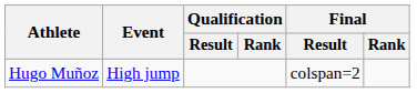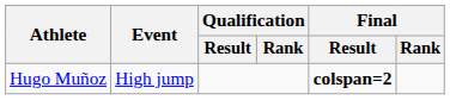 <table class=wikitable style=font-size:90%;text-align:center>
 <tr>
 <th rowspan=2>Athlete</th>
 <th rowspan=2>Event</th>
 <th colspan=2>Qualification</th>
 <th colspan=2>Final</th>
 </tr>
 <tr style=font-size:95%>
 <th>Result</th>
 <th>Rank</th>
 <th>Result</th>
 <th>Rank</th>
 </tr>
 <tr>
 <td align=left><a href='#'>Hugo Muñoz</a></td>
 <td align=left rowspan=3><a href='#'>High jump</a></td>
 <td colspan=2></td>
-<td>colspan=2 </td>
+<td><strong>colspan=2 </strong></td>
 </tr>
 </table>
